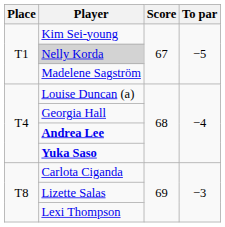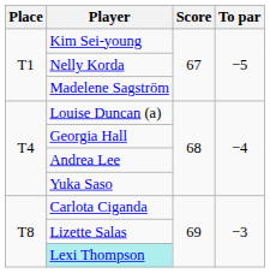 <table class="wikitable">
 <tr>
 <th>Place</th>
 <th>Player</th>
 <th>Score</th>
 <th>To par</th>
 </tr>
 <tr>
 <td align=center rowspan=3>T1</td>
 <td> <a href='#'>Kim Sei-young</a></td>
 <td align=center rowspan=3>67</td>
 <td align=center rowspan=3>−5</td>
 </tr>
 <tr>
-<td style="background: lightgrey;"> <a href='#'>Nelly Korda</a></td>
+<td> <a href='#'>Nelly Korda</a></td>
 </tr>
 <tr>
 <td> <a href='#'>Madelene Sagström</a></td>
 </tr>
 <tr>
 <td align=center rowspan=4>T4</td>
 <td> <a href='#'>Louise Duncan</a> (a)</td>
 <td align=center rowspan=4>68</td>
 <td align=center rowspan=4>−4</td>
 </tr>
 <tr>
 <td> <a href='#'>Georgia Hall</a></td>
 </tr>
 <tr>
-<td><strong> <a href='#'>Andrea Lee</a></strong></td>
+<td> <a href='#'>Andrea Lee</a></td>
 </tr>
 <tr>
-<td><strong> <a href='#'>Yuka Saso</a></strong></td>
+<td> <a href='#'>Yuka Saso</a></td>
 </tr>
 <tr>
 <td align=center rowspan=3>T8</td>
 <td> <a href='#'>Carlota Ciganda</a></td>
 <td align=center rowspan=3>69</td>
 <td align=center rowspan=3>−3</td>
 </tr>
 <tr>
 <td> <a href='#'>Lizette Salas</a></td>
 </tr>
 <tr>
-<td> <a href='#'>Lexi Thompson</a></td>
+<td style="background: paleturquoise;"> <a href='#'>Lexi Thompson</a></td>
 </tr>
 </table>
